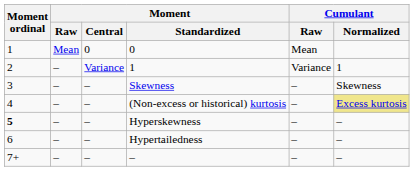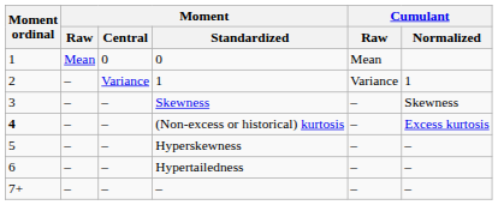 <table class="wikitable">
 <tr>
 <th rowspan=2>Moment <br>ordinal</th>
 <th colspan=3>Moment</th>
 <th colspan=2><a href='#'>Cumulant</a></th>
 </tr>
 <tr>
 <th>Raw</th>
 <th>Central</th>
 <th>Standardized</th>
 <th>Raw</th>
 <th>Normalized</th>
 </tr>
 <tr>
 <td>1</td>
 <td><a href='#'>Mean</a></td>
 <td>0</td>
 <td>0</td>
 <td>Mean</td>
 <td></td>
 </tr>
 <tr>
 <td>2</td>
 <td>–</td>
 <td><a href='#'>Variance</a></td>
 <td>1</td>
 <td>Variance</td>
 <td>1</td>
 </tr>
 <tr>
 <td>3</td>
 <td>–</td>
 <td>–</td>
 <td><a href='#'>Skewness</a></td>
 <td>–</td>
 <td>Skewness</td>
 </tr>
 <tr>
-<td>4</td>
+<td><strong>4</strong></td>
 <td>–</td>
 <td>–</td>
 <td>(Non-excess or historical) <a href='#'>kurtosis</a></td>
 <td>–</td>
-<td style="background: khaki;"><a href='#'>Excess kurtosis</a></td>
+<td><a href='#'>Excess kurtosis</a></td>
 </tr>
 <tr>
-<td><strong>5</strong></td>
+<td>5</td>
 <td>–</td>
 <td>–</td>
 <td>Hyperskewness</td>
 <td>–</td>
 <td>–</td>
 </tr>
 <tr>
 <td>6</td>
 <td>–</td>
 <td>–</td>
 <td>Hypertailedness</td>
 <td>–</td>
 <td>–</td>
 </tr>
 <tr>
 <td>7+</td>
 <td>–</td>
 <td>–</td>
 <td>–</td>
 <td>–</td>
 <td>–</td>
 </tr>
 </table>
